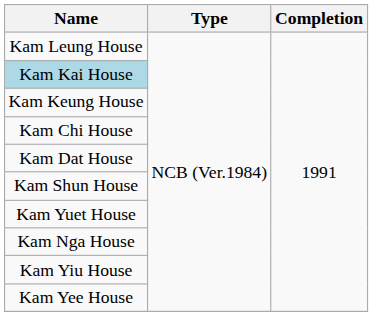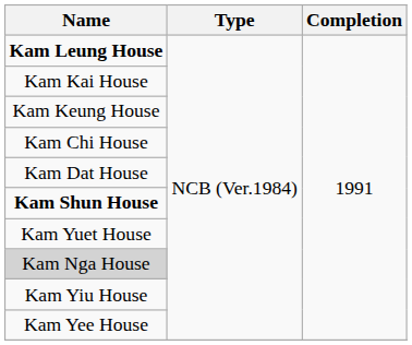 <table class="wikitable" style="text-align: center">
 <tr>
 <th>Name</th>
 <th>Type</th>
 <th>Completion</th>
 </tr>
 <tr>
-<td>Kam Leung House</td>
+<td><strong>Kam Leung House</strong></td>
 <td rowspan="10">NCB (Ver.1984)</td>
 <td rowspan="10">1991</td>
 </tr>
 <tr>
-<td style="background: lightblue;">Kam Kai House</td>
+<td>Kam Kai House</td>
 </tr>
 <tr>
 <td>Kam Keung House</td>
 </tr>
 <tr>
 <td>Kam Chi House</td>
 </tr>
 <tr>
 <td>Kam Dat House</td>
 </tr>
 <tr>
-<td>Kam Shun House</td>
+<td><strong>Kam Shun House</strong></td>
 </tr>
 <tr>
 <td>Kam Yuet House</td>
 </tr>
 <tr>
-<td>Kam Nga House</td>
+<td style="background: lightgrey;">Kam Nga House</td>
 </tr>
 <tr>
 <td>Kam Yiu House</td>
 </tr>
 <tr>
 <td>Kam Yee House</td>
 </tr>
 <tr>
 </tr>
 </table>
